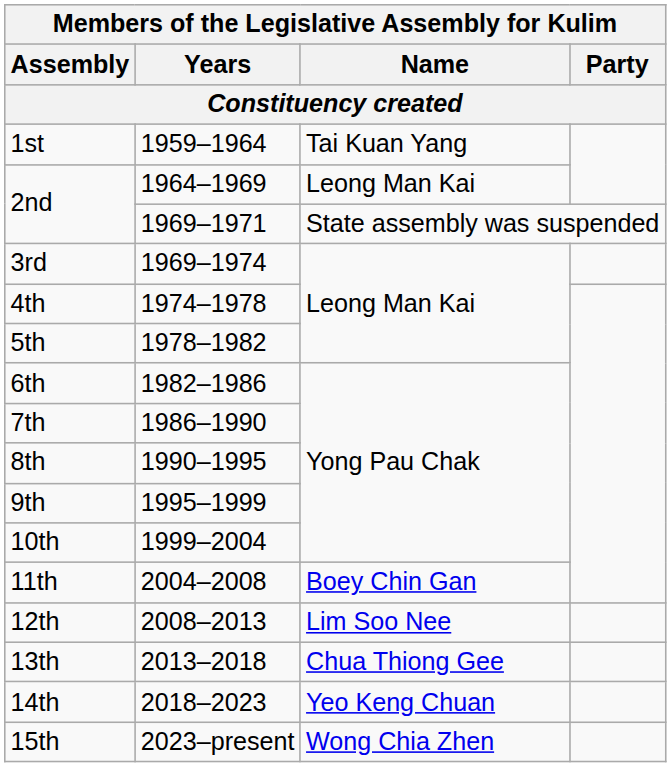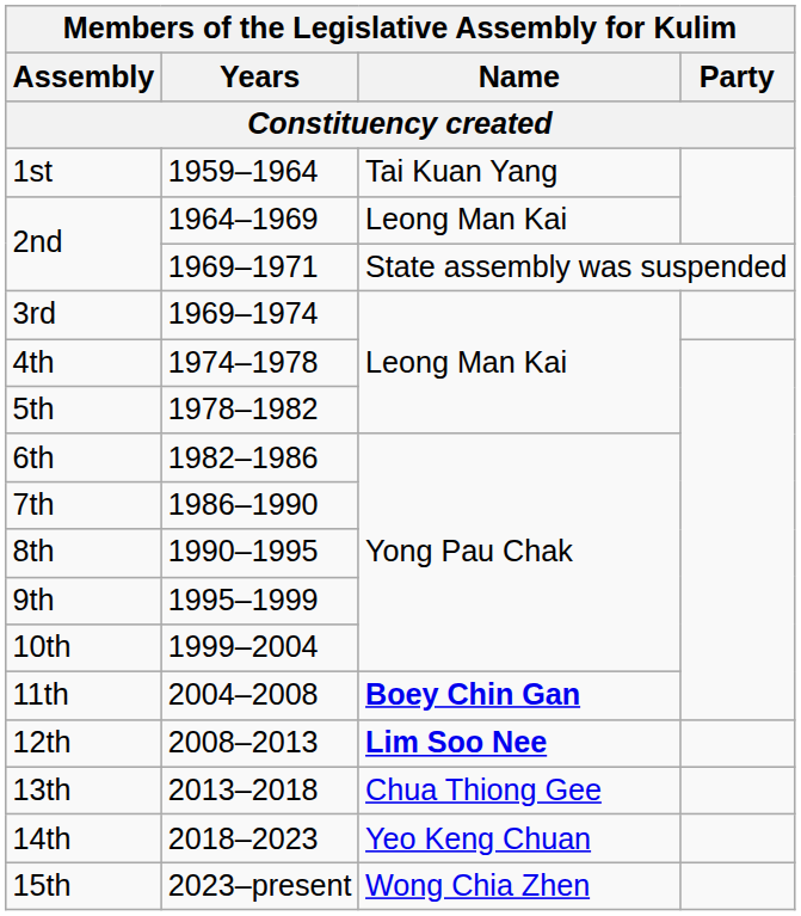 <table class="wikitable">
 <tr>
 <th colspan="4">Members of the Legislative Assembly for Kulim</th>
 </tr>
 <tr>
 <th>Assembly</th>
 <th>Years</th>
 <th>Name</th>
 <th>Party</th>
 </tr>
 <tr>
 <th colspan="4"><em>Constituency created</em></th>
 </tr>
 <tr>
 <td>1st</td>
 <td>1959–1964</td>
 <td>Tai Kuan Yang</td>
 <td rowspan="2"></td>
 </tr>
 <tr>
 <td rowspan="2">2nd</td>
 <td>1964–1969</td>
 <td>Leong Man Kai</td>
 </tr>
 <tr>
 <td>1969–1971</td>
 <td colspan="2" align="center">State assembly was suspended</td>
 </tr>
 <tr>
 <td>3rd</td>
 <td>1969–1974</td>
 <td rowspan="3">Leong Man Kai</td>
 <td></td>
 </tr>
 <tr>
 <td>4th</td>
 <td>1974–1978</td>
 <td rowspan="8"></td>
 </tr>
 <tr>
 <td>5th</td>
 <td>1978–1982</td>
 </tr>
 <tr>
 <td>6th</td>
 <td>1982–1986</td>
 <td rowspan="5">Yong Pau Chak</td>
 </tr>
 <tr>
 <td>7th</td>
 <td>1986–1990</td>
 </tr>
 <tr>
 <td>8th</td>
 <td>1990–1995</td>
 </tr>
 <tr>
 <td>9th</td>
 <td>1995–1999</td>
 </tr>
 <tr>
 <td>10th</td>
 <td>1999–2004</td>
 </tr>
 <tr>
 <td>11th</td>
 <td>2004–2008</td>
-<td><a href='#'>Boey Chin Gan</a></td>
+<td><strong><a href='#'>Boey Chin Gan</a></strong></td>
 </tr>
 <tr>
 <td>12th</td>
 <td>2008–2013</td>
-<td><a href='#'>Lim Soo Nee</a></td>
+<td><strong><a href='#'>Lim Soo Nee</a></strong></td>
 <td></td>
 </tr>
 <tr>
 <td>13th</td>
 <td>2013–2018</td>
 <td><a href='#'>Chua Thiong Gee</a></td>
 <td></td>
 </tr>
 <tr>
 <td>14th</td>
 <td>2018–2023</td>
 <td><a href='#'>Yeo Keng Chuan</a></td>
 <td></td>
 </tr>
 <tr>
 <td>15th</td>
 <td>2023–present</td>
 <td><a href='#'>Wong Chia Zhen</a></td>
 <td></td>
 </tr>
 </table>
